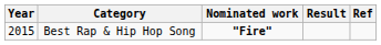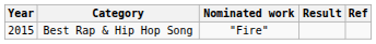 <table class="wikitable" style="text-align:center; width:50%">
 <tr>
 <th>Year</th>
 <th>Category</th>
 <th>Nominated work</th>
 <th>Result</th>
 <th>Ref</th>
 </tr>
 <tr>
 <td rowspan=2>2015</td>
 <td>Best Rap & Hip Hop Song</td>
-<td><strong>"Fire"</strong></td>
+<td>"Fire"</td>
 <td></td>
 <td></td>
 </tr>
 </table>
